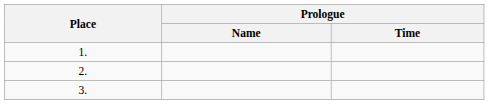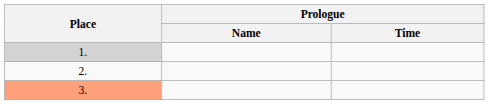 <table class=wikitable style="font-size:95%" width="50%">
 <tr>
 <th rowspan="2">Place</th>
 <th colspan="2">Prologue</th>
 </tr>
 <tr>
 <th>Name</th>
 <th>Time</th>
 </tr>
 <tr>
-<td align="center">1.</td>
+<td align="center" style="background: lightgrey;">1.</td>
 <td></td>
 <td></td>
 </tr>
 <tr>
 <td align="center">2.</td>
 <td></td>
 <td></td>
 </tr>
 <tr>
-<td align="center">3.</td>
+<td align="center" style="background: lightsalmon;">3.</td>
 <td></td>
 <td></td>
 </tr>
 </table>
